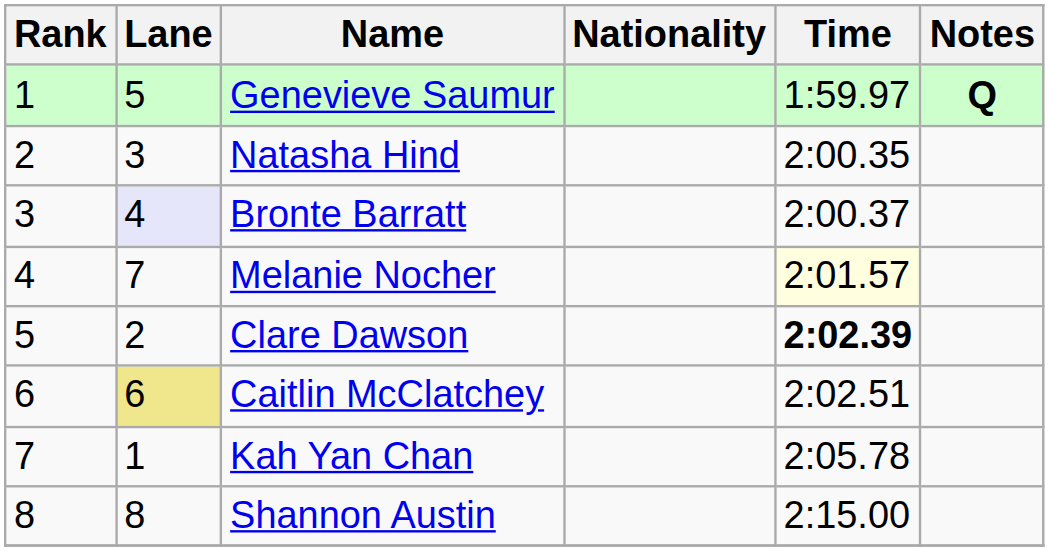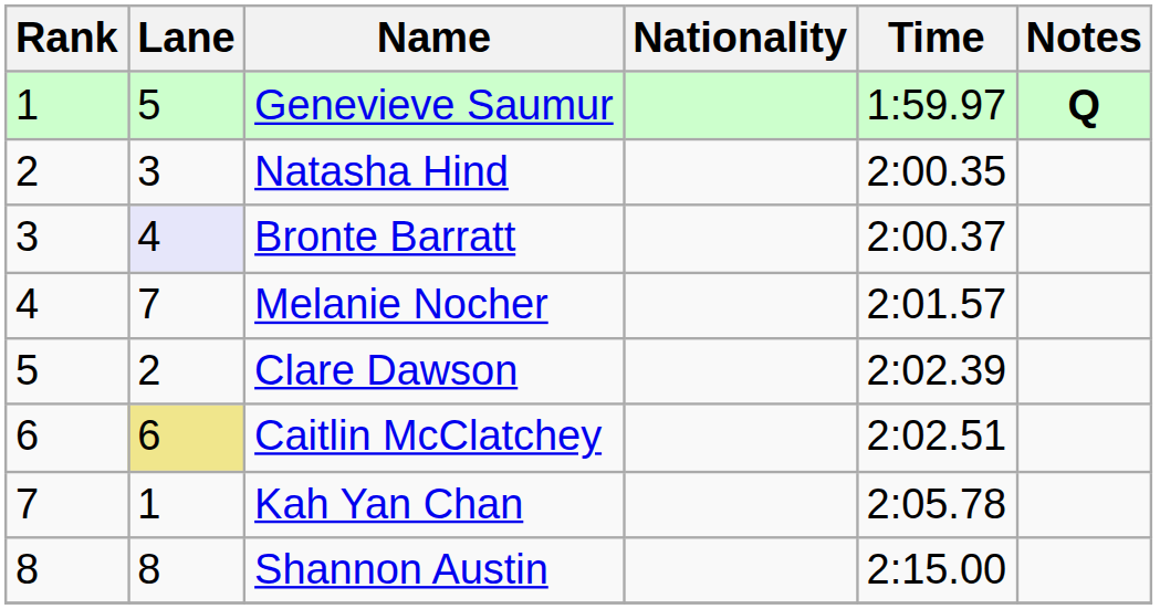 <table class="wikitable">
 <tr>
 <th>Rank</th>
 <th>Lane</th>
 <th>Name</th>
 <th>Nationality</th>
 <th>Time</th>
 <th>Notes</th>
 </tr>
 <tr style="background:#CCFFCC;">
 <td>1</td>
 <td>5</td>
 <td><a href='#'>Genevieve Saumur</a></td>
 <td></td>
 <td>1:59.97</td>
 <td style="text-align:center;"><strong>Q</strong></td>
 </tr>
 <tr>
 <td>2</td>
 <td>3</td>
 <td><a href='#'>Natasha Hind</a></td>
 <td></td>
 <td>2:00.35</td>
 <td></td>
 </tr>
 <tr>
 <td>3</td>
 <td style="background: lavender;">4</td>
 <td><a href='#'>Bronte Barratt</a></td>
 <td></td>
 <td>2:00.37</td>
 <td></td>
 </tr>
 <tr>
 <td>4</td>
 <td>7</td>
 <td><a href='#'>Melanie Nocher</a></td>
 <td></td>
-<td style="background: lightyellow;">2:01.57</td>
+<td>2:01.57</td>
 <td></td>
 </tr>
 <tr>
 <td>5</td>
 <td>2</td>
 <td><a href='#'>Clare Dawson</a></td>
 <td></td>
-<td><strong>2:02.39</strong></td>
+<td>2:02.39</td>
 <td></td>
 </tr>
 <tr>
 <td>6</td>
 <td style="background: khaki;">6</td>
 <td><a href='#'>Caitlin McClatchey</a></td>
 <td></td>
 <td>2:02.51</td>
 <td></td>
 </tr>
 <tr>
 <td>7</td>
 <td>1</td>
 <td><a href='#'>Kah Yan Chan</a></td>
 <td></td>
 <td>2:05.78</td>
 <td></td>
 </tr>
 <tr>
 <td>8</td>
 <td>8</td>
 <td><a href='#'>Shannon Austin</a></td>
 <td></td>
 <td>2:15.00</td>
 <td></td>
 </tr>
 <tr>
 </tr>
 </table>
